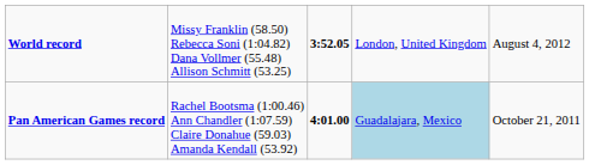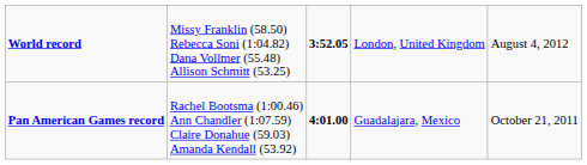 <table class="wikitable">
 <tr>
 <td><strong><a href='#'>World record</a></strong></td>
 <td><br><a href='#'>Missy Franklin</a> (58.50)<br><a href='#'>Rebecca Soni</a> (1:04.82)<br><a href='#'>Dana Vollmer</a> (55.48)<br><a href='#'>Allison Schmitt</a> (53.25)</td>
 <td><strong>3:52.05</strong></td>
 <td><a href='#'>London</a>, <a href='#'>United Kingdom</a></td>
 <td>August 4, 2012</td>
 </tr>
 <tr>
 <td><strong><a href='#'>Pan American Games record</a></strong></td>
 <td><br><a href='#'>Rachel Bootsma</a> (1:00.46)<br><a href='#'>Ann Chandler</a> (1:07.59)<br><a href='#'>Claire Donahue</a> (59.03)<br><a href='#'>Amanda Kendall</a> (53.92)</td>
 <td><strong>4:01.00</strong></td>
-<td style="background: lightblue;"><a href='#'>Guadalajara</a>, <a href='#'>Mexico</a></td>
+<td><a href='#'>Guadalajara</a>, <a href='#'>Mexico</a></td>
 <td>October 21, 2011</td>
 </tr>
 </table>
